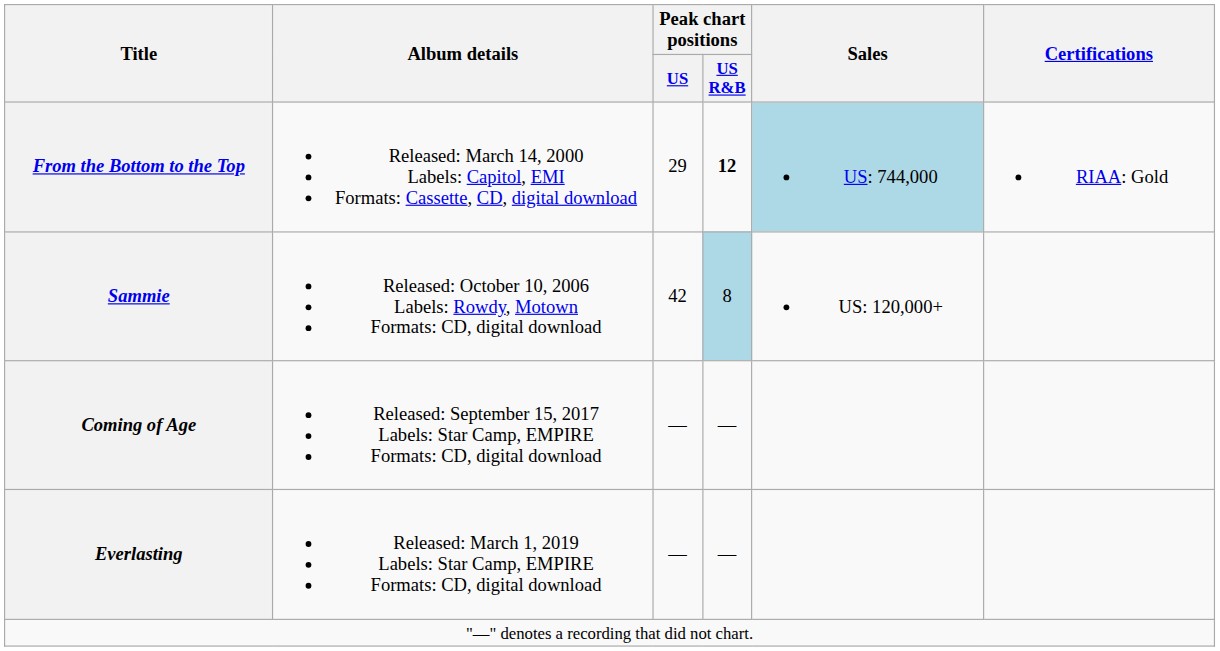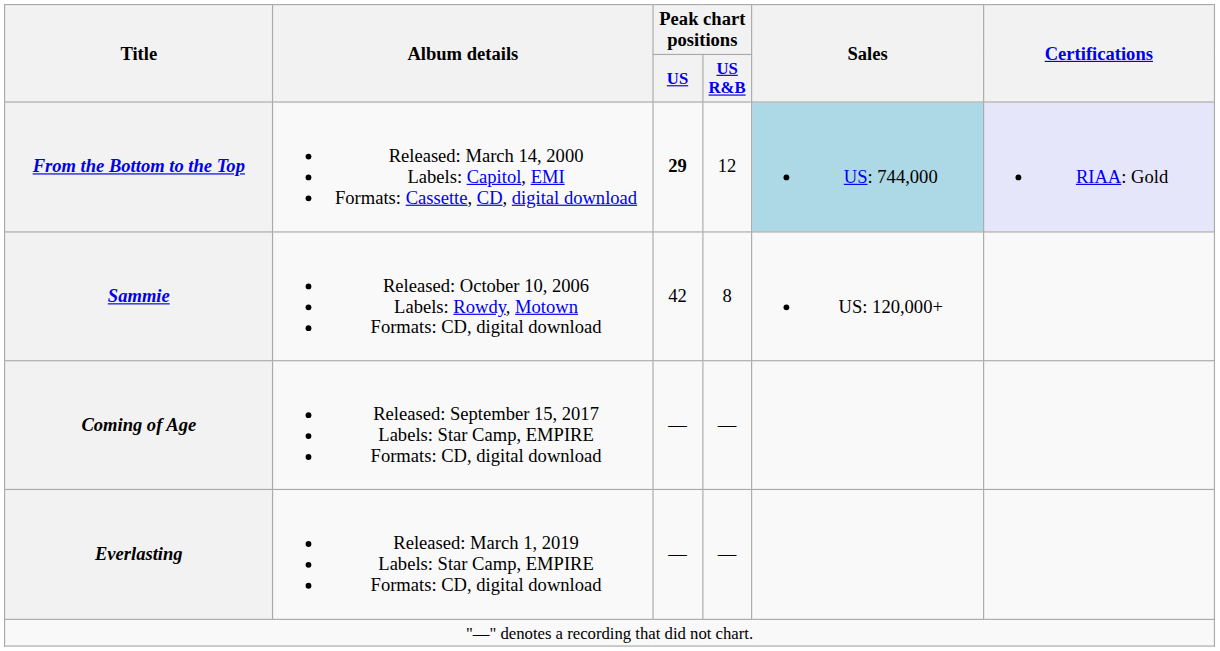 <table class="wikitable plainrowheaders" style="text-align:center;">
 <tr>
 <th scope="col" rowspan="2" style="width:14em;">Title</th>
 <th scope="col" rowspan="2" style="width:20em;">Album details</th>
 <th scope="col" colspan="2">Peak chart positions</th>
 <th scope="col" rowspan="2" style="width:12em;">Sales</th>
 <th scope="col" rowspan="2" style="width:12em;"><a href='#'>Certifications</a></th>
 </tr>
 <tr>
 <th scope="col" style="width:2.5em;font-size:90%;"><a href='#'>US</a><br></th>
 <th scope="col" style="width:2.5em;font-size:90%;"><a href='#'>US<br>R&B</a><br></th>
 </tr>
 <tr>
 <th scope="row"><em><a href='#'>From the Bottom to the Top</a></em></th>
 <td><br><ul><li>Released: March 14, 2000</li><li>Labels: <a href='#'>Capitol</a>, <a href='#'>EMI</a></li><li>Formats: <a href='#'>Cassette</a>, <a href='#'>CD</a>, <a href='#'>digital download</a></li></ul></td>
-<td>29</td>
-<td><strong>12</strong></td>
+<td><strong>29</strong></td>
+<td>12</td>
 <td style="background: lightblue;"><br><ul><li><a href='#'>US</a>: 744,000</li></ul></td>
-<td><br><ul><li><a href='#'>RIAA</a>: Gold</li></ul></td>
+<td style="background: lavender;"><br><ul><li><a href='#'>RIAA</a>: Gold</li></ul></td>
 </tr>
 <tr>
 <th scope="row"><em><a href='#'>Sammie</a></em></th>
 <td><br><ul><li>Released: October 10, 2006</li><li>Labels: <a href='#'>Rowdy</a>, <a href='#'>Motown</a></li><li>Formats: CD, digital download</li></ul></td>
 <td>42</td>
-<td style="background: lightblue;">8</td>
+<td>8</td>
 <td><br><ul><li>US: 120,000+</li></ul></td>
 <td></td>
 </tr>
 <tr>
 <th scope="row"><em>Coming of Age</em></th>
 <td><br><ul><li>Released: September 15, 2017</li><li>Labels: Star Camp, EMPIRE</li><li>Formats: CD, digital download</li></ul></td>
 <td>—</td>
 <td>—</td>
 <td></td>
 <td></td>
 </tr>
 <tr>
 <th scope="row"><em>Everlasting</em></th>
 <td><br><ul><li>Released: March 1, 2019</li><li>Labels: Star Camp, EMPIRE</li><li>Formats: CD, digital download</li></ul></td>
 <td>—</td>
 <td>—</td>
 <td></td>
 <td></td>
 </tr>
 <tr>
 <td colspan="14" style="font-size:90%">"—" denotes a recording that did not chart.</td>
 </tr>
 </table>
